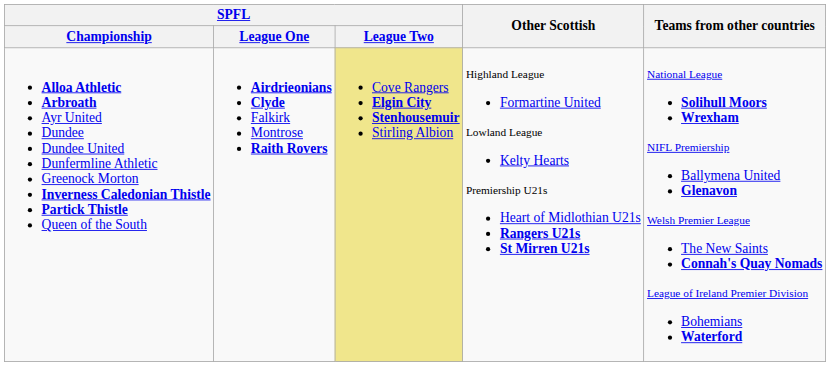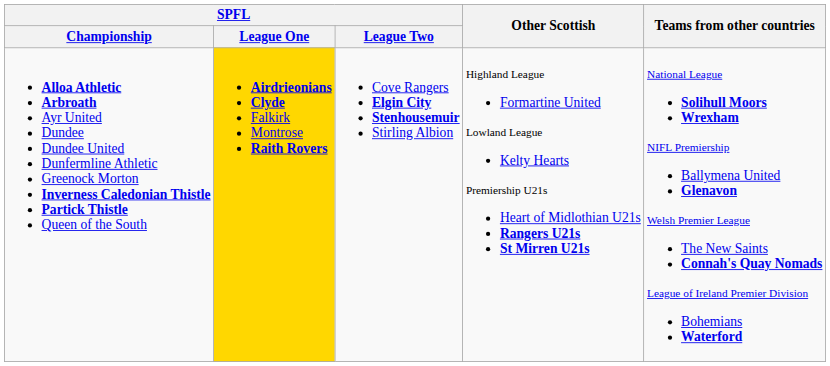 <table class="wikitable">
 <tr>
 <th colspan=3> <a href='#'>SPFL</a></th>
 <th rowspan=2>Other Scottish</th>
 <th rowspan=2>Teams from other countries</th>
 </tr>
 <tr>
 <th><a href='#'>Championship</a></th>
 <th><a href='#'>League One</a></th>
 <th><a href='#'>League Two</a></th>
 </tr>
 <tr>
 <td valign=top><br><ul><li><strong><a href='#'>Alloa Athletic</a></strong></li><li><strong><a href='#'>Arbroath</a></strong></li><li><a href='#'>Ayr United</a></li><li><a href='#'>Dundee</a></li><li><a href='#'>Dundee United</a></li><li><a href='#'>Dunfermline Athletic</a></li><li><a href='#'>Greenock Morton</a></li><li><strong><a href='#'>Inverness Caledonian Thistle</a></strong></li><li><strong><a href='#'>Partick Thistle</a></strong></li><li><a href='#'>Queen of the South</a></li></ul></td>
-<td valign=top><br><ul><li><strong><a href='#'>Airdrieonians</a></strong></li><li><strong><a href='#'>Clyde</a></strong></li><li><a href='#'>Falkirk</a></li><li><a href='#'>Montrose</a></li><li><strong><a href='#'>Raith Rovers</a></strong></li></ul></td>
-<td valign=top style="background: khaki;"><br><ul><li><a href='#'>Cove Rangers</a></li><li><strong><a href='#'>Elgin City</a></strong></li><li><strong><a href='#'>Stenhousemuir</a></strong></li><li><a href='#'>Stirling Albion</a></li></ul></td>
+<td valign=top style="background: gold;"><br><ul><li><strong><a href='#'>Airdrieonians</a></strong></li><li><strong><a href='#'>Clyde</a></strong></li><li><a href='#'>Falkirk</a></li><li><a href='#'>Montrose</a></li><li><strong><a href='#'>Raith Rovers</a></strong></li></ul></td>
+<td valign=top><br><ul><li><a href='#'>Cove Rangers</a></li><li><strong><a href='#'>Elgin City</a></strong></li><li><strong><a href='#'>Stenhousemuir</a></strong></li><li><a href='#'>Stirling Albion</a></li></ul></td>
 <td valign=top><br><small>Highland League</small><ul><li><a href='#'>Formartine United</a></li></ul><small>Lowland League</small><ul><li><a href='#'>Kelty Hearts</a></li></ul><small>Premiership U21s</small><ul><li><a href='#'>Heart of Midlothian U21s</a></li><li><strong><a href='#'>Rangers U21s</a></strong></li><li><strong><a href='#'>St Mirren U21s</a></strong></li></ul></td>
 <td valign=top><br><small> <a href='#'>National League</a></small><ul><li><strong><a href='#'>Solihull Moors</a></strong></li><li><strong><a href='#'>Wrexham</a></strong></li></ul><small> <a href='#'>NIFL Premiership</a></small><ul><li><a href='#'>Ballymena United</a></li><li><strong><a href='#'>Glenavon</a></strong></li></ul><small> <a href='#'>Welsh Premier League</a></small><ul><li><a href='#'>The New Saints</a></li><li><strong><a href='#'>Connah's Quay Nomads</a></strong></li></ul><small> <a href='#'>League of Ireland Premier Division</a></small><ul><li><a href='#'>Bohemians</a></li><li><strong><a href='#'>Waterford</a></strong></li></ul></td>
 </tr>
 </table>
